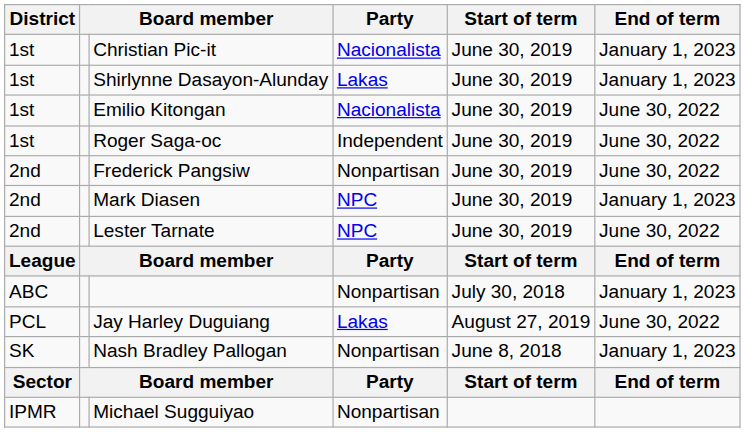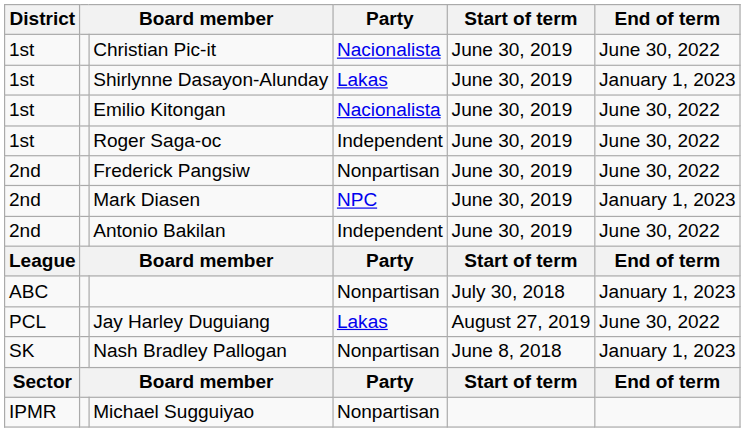 <table class="wikitable">
 <tr>
 <th>District</th>
 <th colspan="2">Board member</th>
 <th>Party</th>
 <th>Start of term</th>
 <th>End of term</th>
 </tr>
 <tr>
 <td>1st</td>
 <td></td>
 <td>Christian Pic-it</td>
 <td><a href='#'>Nacionalista</a></td>
 <td>June 30, 2019</td>
-<td>January 1, 2023</td>
+<td>June 30, 2022</td>
 </tr>
 <tr>
 <td>1st</td>
 <td></td>
 <td>Shirlynne Dasayon-Alunday</td>
 <td><a href='#'>Lakas</a></td>
 <td>June 30, 2019</td>
 <td>January 1, 2023</td>
 </tr>
 <tr>
 <td>1st</td>
 <td></td>
 <td>Emilio Kitongan</td>
 <td><a href='#'>Nacionalista</a></td>
 <td>June 30, 2019</td>
 <td>June 30, 2022</td>
 </tr>
 <tr>
 <td>1st</td>
 <td></td>
 <td>Roger Saga-oc</td>
 <td>Independent</td>
 <td>June 30, 2019</td>
 <td>June 30, 2022</td>
 </tr>
 <tr>
 <td>2nd</td>
 <td></td>
 <td>Frederick Pangsiw</td>
 <td>Nonpartisan</td>
 <td>June 30, 2019</td>
 <td>June 30, 2022</td>
 </tr>
 <tr>
 <td>2nd</td>
 <td></td>
 <td>Mark Diasen</td>
 <td><a href='#'>NPC</a></td>
 <td>June 30, 2019</td>
 <td>January 1, 2023</td>
 </tr>
 <tr>
 <td>2nd</td>
 <td></td>
-<td>Lester Tarnate</td>
-<td><a href='#'>NPC</a></td>
+<td>Antonio Bakilan</td>
+<td>Independent</td>
 <td>June 30, 2019</td>
 <td>June 30, 2022</td>
 </tr>
 <tr>
 <th>League</th>
 <th colspan="2">Board member</th>
 <th>Party</th>
 <th>Start of term</th>
 <th>End of term</th>
 </tr>
 <tr>
 <td>ABC</td>
 <td></td>
 <td></td>
 <td>Nonpartisan</td>
 <td>July 30, 2018</td>
 <td>January 1, 2023</td>
 </tr>
 <tr>
 <td>PCL</td>
 <td></td>
 <td>Jay Harley Duguiang</td>
 <td><a href='#'>Lakas</a></td>
 <td>August 27, 2019</td>
 <td>June 30, 2022</td>
 </tr>
 <tr>
 <td>SK</td>
 <td></td>
 <td>Nash Bradley Pallogan</td>
 <td>Nonpartisan</td>
 <td>June 8, 2018</td>
 <td>January 1, 2023</td>
 </tr>
 <tr>
 <th>Sector</th>
 <th colspan="2">Board member</th>
 <th>Party</th>
 <th>Start of term</th>
 <th>End of term</th>
 </tr>
 <tr>
 <td>IPMR</td>
 <td></td>
 <td>Michael Sugguiyao</td>
 <td>Nonpartisan</td>
 <td></td>
 <td></td>
 </tr>
 </table>
